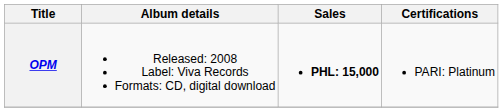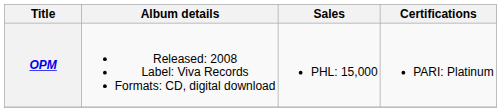 <table class="wikitable plainrowheaders" style="text-align:center;">
 <tr>
 <th style="width:6em;">Title</th>
 <th>Album details</th>
 <th>Sales</th>
 <th>Certifications</th>
 </tr>
 <tr>
 <th scope="row"><em><a href='#'>OPM</a></em></th>
 <td><br><ul><li>Released: 2008</li><li>Label: Viva Records</li><li>Formats: CD, digital download</li></ul></td>
-<td><strong><br><ul><li>PHL: 15,000</li></ul></strong></td>
+<td><br><ul><li>PHL: 15,000</li></ul></td>
 <td><br><ul><li>PARI: Platinum</li></ul></td>
 </tr>
 <tr>
 </tr>
 </table>
